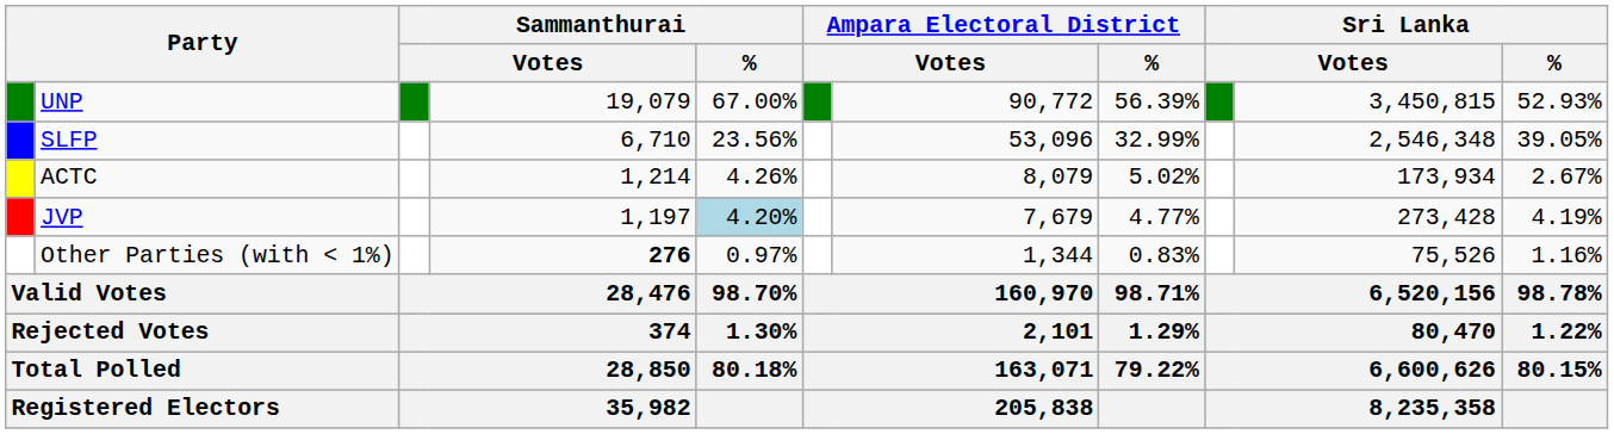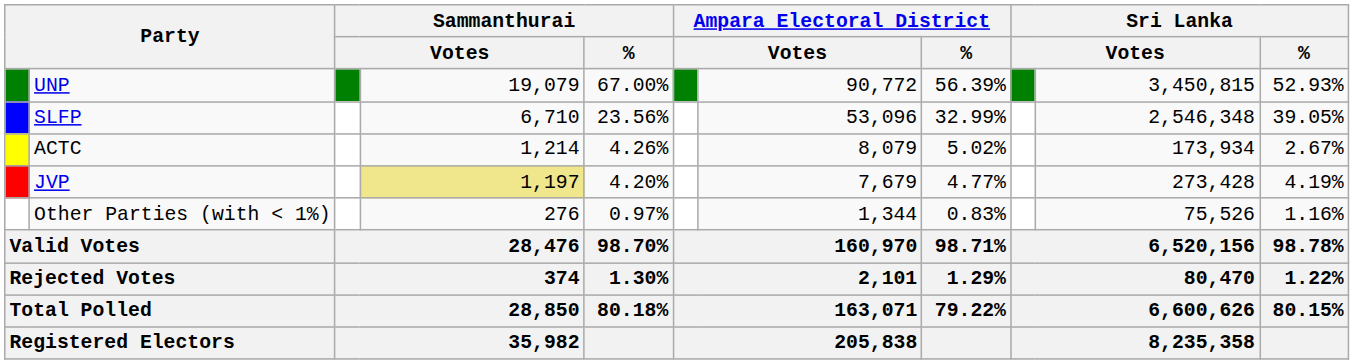 <table class="wikitable">
 <tr>
 <th colspan="2" width="144px"rowspan="2">Party</th>
 <th colspan="3" width="216px">Sammanthurai</th>
 <th colspan="3" width="216px"><a href='#'>Ampara Electoral District</a></th>
 <th colspan="3" width="216px">Sri Lanka</th>
 </tr>
 <tr>
 <th colspan="2" width="144px">Votes</th>
 <th>%</th>
 <th colspan="2" width="144px">Votes</th>
 <th>%</th>
 <th colspan="2" width="144px">Votes</th>
 <th>%</th>
 </tr>
 <tr>
 <td style="background-color:green;" width="10px"></td>
 <td style="text-align:left;"><a href='#'>UNP</a></td>
 <td style="background-color:green;" width="10px"></td>
 <td style="text-align:right;">19,079</td>
 <td style="text-align:right;">67.00%</td>
 <td style="background-color:green;" width="10px"></td>
 <td style="text-align:right;">90,772</td>
 <td style="text-align:right;">56.39%</td>
 <td style="background-color:green;" width="10px"></td>
 <td style="text-align:right;">3,450,815</td>
 <td style="text-align:right;">52.93%</td>
 </tr>
 <tr>
 <td style="background-color:blue;" width="10px"></td>
 <td style="text-align:left;"><a href='#'>SLFP</a></td>
 <td style="background-color:white;" width="10px"></td>
 <td style="text-align:right;">6,710</td>
 <td style="text-align:right;">23.56%</td>
 <td style="background-color:white;" width="10px"></td>
 <td style="text-align:right;">53,096</td>
 <td style="text-align:right;">32.99%</td>
 <td style="background-color:white;" width="10px"></td>
 <td style="text-align:right;">2,546,348</td>
 <td style="text-align:right;">39.05%</td>
 </tr>
 <tr>
 <td style="background-color:yellow;" width="10px"></td>
 <td style="text-align:left;">ACTC</td>
 <td style="background-color:white;" width="10px"></td>
 <td style="text-align:right;">1,214</td>
 <td style="text-align:right;">4.26%</td>
 <td style="background-color:white;" width="10px"></td>
 <td style="text-align:right;">8,079</td>
 <td style="text-align:right;">5.02%</td>
 <td style="background-color:white;" width="10px"></td>
 <td style="text-align:right;">173,934</td>
 <td style="text-align:right;">2.67%</td>
 </tr>
 <tr>
 <td style="background-color:red;" width="10px"></td>
 <td style="text-align:left;"><a href='#'>JVP</a></td>
 <td style="background-color:white;" width="10px"></td>
-<td style="text-align:right;">1,197</td>
-<td style="background: lightblue; text-align:right;">4.20%</td>
+<td style="background: khaki; text-align:right;">1,197</td>
+<td style="text-align:right;">4.20%</td>
 <td style="background-color:white;" width="10px"></td>
 <td style="text-align:right;">7,679</td>
 <td style="text-align:right;">4.77%</td>
 <td style="background-color:white;" width="10px"></td>
 <td style="text-align:right;">273,428</td>
 <td style="text-align:right;">4.19%</td>
 </tr>
 <tr>
 <td style="background-color:white;" width="10px"></td>
 <td style="text-align:left;">Other Parties (with < 1%)</td>
 <td style="background-color:white;" width="10px"></td>
-<td style="text-align:right;"><strong>276</strong></td>
+<td style="text-align:right;">276</td>
 <td style="text-align:right;">0.97%</td>
 <td style="background-color:white;" width="10px"></td>
 <td style="text-align:right;">1,344</td>
 <td style="text-align:right;">0.83%</td>
 <td style="background-color:white;" width="10px"></td>
 <td style="text-align:right;">75,526</td>
 <td style="text-align:right;">1.16%</td>
 </tr>
 <tr>
 <th colspan="2" width="144px"style="text-align:left;">Valid Votes</th>
 <th style="text-align:right;"colspan="2" width="144px">28,476</th>
 <th style="text-align:right;">98.70%</th>
 <th style="text-align:right;"colspan="2" width="144px">160,970</th>
 <th style="text-align:right;">98.71%</th>
 <th style="text-align:right;"colspan="2" width="144px">6,520,156</th>
 <th style="text-align:right;">98.78%</th>
 </tr>
 <tr>
 <th colspan="2" width="144px"style="text-align:left;">Rejected Votes</th>
 <th style="text-align:right;"colspan="2" width="144px">374</th>
 <th style="text-align:right;">1.30%</th>
 <th style="text-align:right;"colspan="2" width="144px">2,101</th>
 <th style="text-align:right;">1.29%</th>
 <th style="text-align:right;"colspan="2" width="144px">80,470</th>
 <th style="text-align:right;">1.22%</th>
 </tr>
 <tr>
 <th colspan="2" width="144px"style="text-align:left;">Total Polled</th>
 <th style="text-align:right;"colspan="2" width="144px">28,850</th>
 <th style="text-align:right;">80.18%</th>
 <th style="text-align:right;"colspan="2" width="144px">163,071</th>
 <th style="text-align:right;">79.22%</th>
 <th style="text-align:right;"colspan="2" width="144px">6,600,626</th>
 <th style="text-align:right;">80.15%</th>
 </tr>
 <tr>
 <th colspan="2" width="144px"style="text-align:left;">Registered Electors</th>
 <th style="text-align:right;"colspan="2" width="144px">35,982</th>
 <th></th>
 <th style="text-align:right;"colspan="2" width="144px">205,838</th>
 <th></th>
 <th style="text-align:right;"colspan="2" width="144px">8,235,358</th>
 <th></th>
 </tr>
 </table>
